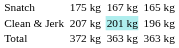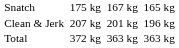 <table>
 <tr>
 <td>Snatch</td>
 <td></td>
 <td>175 kg</td>
 <td></td>
 <td>167 kg</td>
 <td></td>
 <td>165 kg</td>
 </tr>
 <tr>
 <td>Clean & Jerk</td>
 <td></td>
 <td>207 kg</td>
 <td></td>
-<td style="background: paleturquoise;">201 kg</td>
+<td>201 kg</td>
 <td></td>
 <td>196 kg</td>
 </tr>
 <tr>
 <td>Total</td>
 <td></td>
 <td>372 kg</td>
 <td></td>
 <td>363 kg</td>
 <td></td>
 <td>363 kg</td>
 </tr>
 </table>
